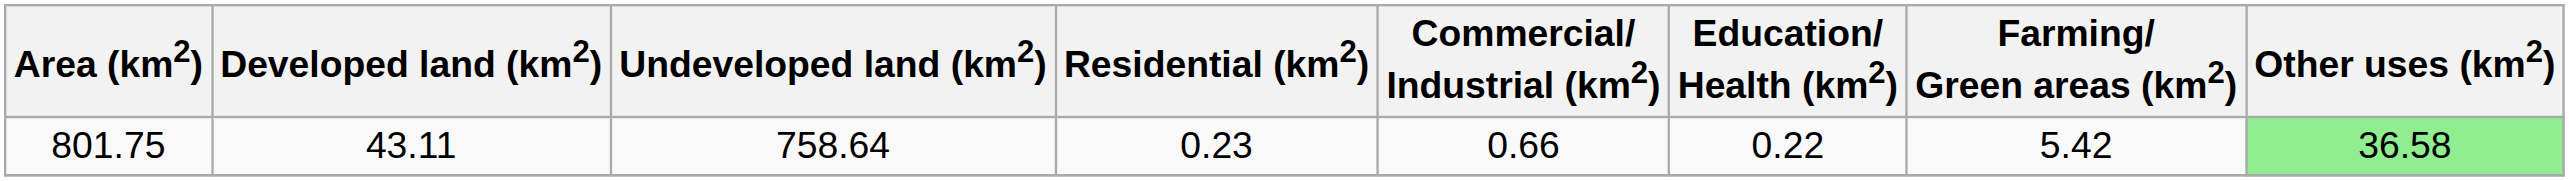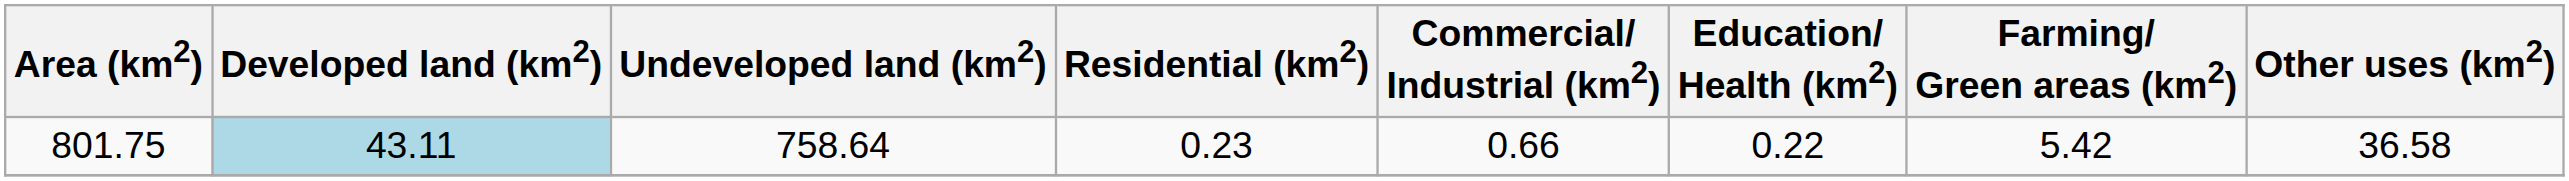 <table class="wikitable" style="text-align: center;">
 <tr>
 <th>Area (km<sup>2</sup>)</th>
 <th>Developed land (km<sup>2</sup>)</th>
 <th>Undeveloped land (km<sup>2</sup>)</th>
 <th>Residential (km<sup>2</sup>)</th>
 <th>Commercial/<br> Industrial (km<sup>2</sup>)</th>
 <th>Education/<br> Health (km<sup>2</sup>)</th>
 <th>Farming/<br> Green areas (km<sup>2</sup>)</th>
 <th>Other uses (km<sup>2</sup>)</th>
 </tr>
 <tr>
 <td>801.75</td>
-<td>43.11</td>
+<td style="background: lightblue;">43.11</td>
 <td>758.64</td>
 <td>0.23</td>
 <td>0.66</td>
 <td>0.22</td>
 <td>5.42</td>
-<td style="background: lightgreen;">36.58</td>
+<td>36.58</td>
 </tr>
 <tr>
 </tr>
 </table>
